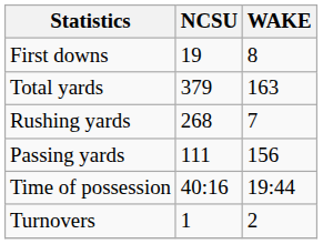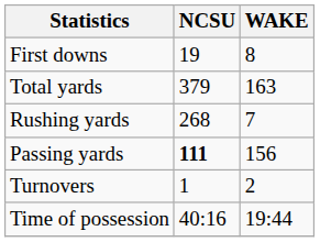 <table class="wikitable">
 <tr>
 <th>Statistics</th>
 <th>NCSU</th>
 <th>WAKE</th>
 </tr>
 <tr>
 <td>First downs</td>
 <td>19</td>
 <td>8</td>
 </tr>
 <tr>
 <td>Total yards</td>
 <td>379</td>
 <td>163</td>
 </tr>
 <tr>
 <td>Rushing yards</td>
 <td>268</td>
 <td>7</td>
 </tr>
 <tr>
 <td>Passing yards</td>
-<td>111</td>
+<td><strong>111</strong></td>
 <td>156</td>
+</tr>
+<tr>
+<td>Turnovers</td>
+<td>1</td>
+<td>2</td>
 </tr>
 <tr>
 <td>Time of possession</td>
 <td>40:16</td>
 <td>19:44</td>
 </tr>
 <tr>
-<td>Turnovers</td>
-<td>1</td>
-<td>2</td>
-</tr>
-<tr>
 </tr>
 </table>
